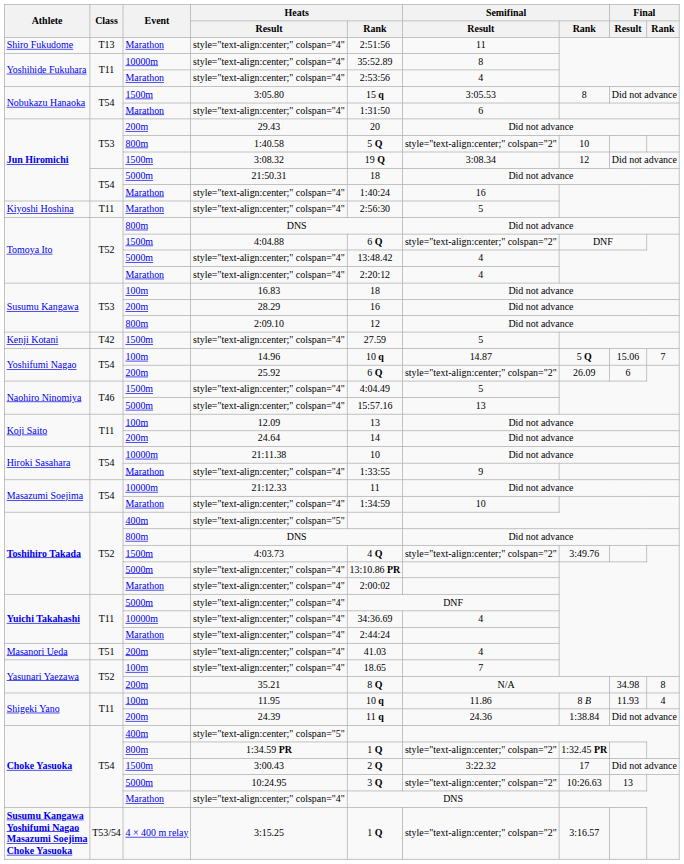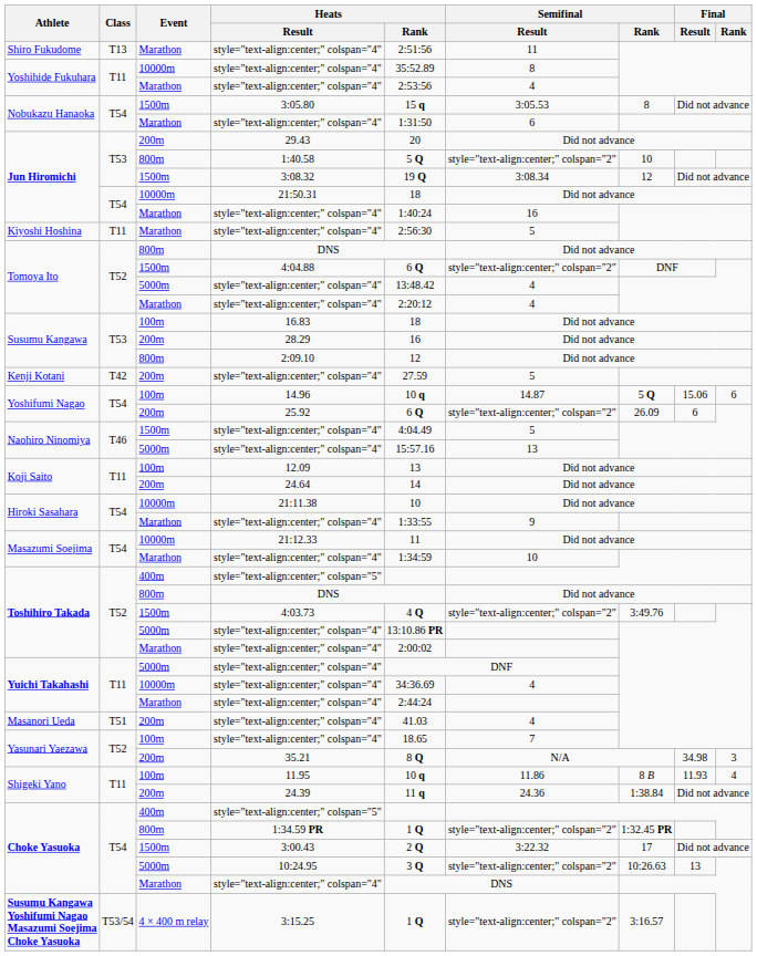 <table class=wikitable style="font-size:90%">
 <tr>
 <th rowspan="2">Athlete</th>
 <th rowspan="2">Class</th>
 <th rowspan="2">Event</th>
 <th colspan="2">Heats</th>
 <th colspan="2">Semifinal</th>
 <th colspan="3">Final</th>
 </tr>
 <tr>
 <th>Result</th>
 <th>Rank</th>
 <th>Result</th>
 <th>Rank</th>
 <th>Result</th>
 <th>Rank</th>
 </tr>
 <tr>
 <td><a href='#'>Shiro Fukudome</a></td>
 <td style="text-align:center;">T13</td>
 <td><a href='#'>Marathon</a></td>
 <td>style="text-align:center;" colspan="4" </td>
 <td style="text-align:center;">2:51:56</td>
 <td style="text-align:center;">11</td>
 </tr>
 <tr>
 <td rowspan="2"><a href='#'>Yoshihide Fukuhara</a></td>
 <td rowspan="2" style="text-align:center;">T11</td>
 <td><a href='#'>10000m</a></td>
 <td>style="text-align:center;" colspan="4" </td>
 <td style="text-align:center;">35:52.89</td>
 <td style="text-align:center;">8</td>
 </tr>
 <tr>
 <td><a href='#'>Marathon</a></td>
 <td>style="text-align:center;" colspan="4" </td>
 <td style="text-align:center;">2:53:56</td>
 <td style="text-align:center;">4</td>
 </tr>
 <tr>
 <td rowspan="2"><a href='#'>Nobukazu Hanaoka</a></td>
 <td rowspan="2" style="text-align:center;">T54</td>
 <td><a href='#'>1500m</a></td>
 <td style="text-align:center;">3:05.80</td>
 <td style="text-align:center;">15 <strong>q</strong></td>
 <td style="text-align:center;">3:05.53</td>
 <td style="text-align:center;">8</td>
 <td style="text-align:center;" colspan="2">Did not advance</td>
 </tr>
 <tr>
 <td><a href='#'>Marathon</a></td>
 <td>style="text-align:center;" colspan="4" </td>
 <td style="text-align:center;">1:31:50</td>
 <td style="text-align:center;">6</td>
 </tr>
 <tr>
 <td rowspan="5"><strong><a href='#'>Jun Hiromichi</a></strong></td>
 <td rowspan="3" style="text-align:center;">T53</td>
 <td><a href='#'>200m</a></td>
 <td style="text-align:center;">29.43</td>
 <td style="text-align:center;">20</td>
 <td style="text-align:center;" colspan="4">Did not advance</td>
 </tr>
 <tr>
 <td><a href='#'>800m</a></td>
 <td style="text-align:center;">1:40.58</td>
 <td style="text-align:center;">5 <strong>Q</strong></td>
 <td>style="text-align:center;" colspan="2" </td>
 <td style="text-align:center;">10</td>
 <td style="text-align:center;"></td>
 </tr>
 <tr>
 <td><a href='#'>1500m</a></td>
 <td style="text-align:center;">3:08.32</td>
 <td style="text-align:center;">19 <strong>Q</strong></td>
 <td style="text-align:center;">3:08.34</td>
 <td style="text-align:center;">12</td>
 <td style="text-align:center;" colspan="2">Did not advance</td>
 </tr>
 <tr>
 <td rowspan="2" style="text-align:center;">T54</td>
-<td><a href='#'>5000m</a></td>
+<td><a href='#'>10000m</a></td>
 <td style="text-align:center;">21:50.31</td>
 <td style="text-align:center;">18</td>
 <td style="text-align:center;" colspan="4">Did not advance</td>
 </tr>
 <tr>
 <td><a href='#'>Marathon</a></td>
 <td>style="text-align:center;" colspan="4" </td>
 <td style="text-align:center;">1:40:24</td>
 <td style="text-align:center;">16</td>
 </tr>
 <tr>
 <td><a href='#'>Kiyoshi Hoshina</a></td>
 <td style="text-align:center;">T11</td>
 <td><a href='#'>Marathon</a></td>
 <td>style="text-align:center;" colspan="4" </td>
 <td style="text-align:center;">2:56:30</td>
 <td style="text-align:center;">5</td>
 </tr>
 <tr>
 <td rowspan="4"><a href='#'>Tomoya Ito</a></td>
 <td rowspan="4" style="text-align:center;">T52</td>
 <td><a href='#'>800m</a></td>
 <td style="text-align:center;" colspan="2">DNS</td>
 <td style="text-align:center;" colspan="4">Did not advance</td>
 </tr>
 <tr>
 <td><a href='#'>1500m</a></td>
 <td style="text-align:center;">4:04.88</td>
 <td style="text-align:center;">6 <strong>Q</strong></td>
 <td>style="text-align:center;" colspan="2" </td>
 <td style="text-align:center;" colspan="2">DNF</td>
 </tr>
 <tr>
 <td><a href='#'>5000m</a></td>
 <td>style="text-align:center;" colspan="4" </td>
 <td style="text-align:center;">13:48.42</td>
 <td style="text-align:center;">4</td>
 </tr>
 <tr>
 <td><a href='#'>Marathon</a></td>
 <td>style="text-align:center;" colspan="4" </td>
 <td style="text-align:center;">2:20:12</td>
 <td style="text-align:center;">4</td>
 </tr>
 <tr>
 <td rowspan="3"><a href='#'>Susumu Kangawa</a></td>
 <td rowspan="3" style="text-align:center;">T53</td>
 <td><a href='#'>100m</a></td>
 <td style="text-align:center;">16.83</td>
 <td style="text-align:center;">18</td>
 <td style="text-align:center;" colspan="4">Did not advance</td>
 </tr>
 <tr>
 <td><a href='#'>200m</a></td>
 <td style="text-align:center;">28.29</td>
 <td style="text-align:center;">16</td>
 <td style="text-align:center;" colspan="4">Did not advance</td>
 </tr>
 <tr>
 <td><a href='#'>800m</a></td>
 <td style="text-align:center;">2:09.10</td>
 <td style="text-align:center;">12</td>
 <td style="text-align:center;" colspan="4">Did not advance</td>
 </tr>
 <tr>
 <td><a href='#'>Kenji Kotani</a></td>
 <td style="text-align:center;">T42</td>
-<td><a href='#'>1500m</a></td>
+<td><a href='#'>200m</a></td>
 <td>style="text-align:center;" colspan="4" </td>
 <td style="text-align:center;">27.59</td>
 <td style="text-align:center;">5</td>
 </tr>
 <tr>
 <td rowspan="2"><a href='#'>Yoshifumi Nagao</a></td>
 <td rowspan="2" style="text-align:center;">T54</td>
 <td><a href='#'>100m</a></td>
 <td style="text-align:center;">14.96</td>
 <td style="text-align:center;">10 <strong>q</strong></td>
 <td style="text-align:center;">14.87</td>
 <td style="text-align:center;">5 <strong>Q</strong></td>
 <td style="text-align:center;">15.06</td>
-<td style="text-align:center;">7</td>
+<td style="text-align:center;">6</td>
 </tr>
 <tr>
 <td><a href='#'>200m</a></td>
 <td style="text-align:center;">25.92</td>
 <td style="text-align:center;">6 <strong>Q</strong></td>
 <td>style="text-align:center;" colspan="2" </td>
 <td style="text-align:center;">26.09</td>
 <td style="text-align:center;">6</td>
 </tr>
 <tr>
 <td rowspan="2"><a href='#'>Naohiro Ninomiya</a></td>
 <td rowspan="2" style="text-align:center;">T46</td>
 <td><a href='#'>1500m</a></td>
 <td>style="text-align:center;" colspan="4" </td>
 <td style="text-align:center;">4:04.49</td>
 <td style="text-align:center;">5</td>
 </tr>
 <tr>
 <td><a href='#'>5000m</a></td>
 <td>style="text-align:center;" colspan="4" </td>
 <td style="text-align:center;">15:57.16</td>
 <td style="text-align:center;">13</td>
 </tr>
 <tr>
 <td rowspan="2"><a href='#'>Koji Saito</a></td>
 <td rowspan="2" style="text-align:center;">T11</td>
 <td><a href='#'>100m</a></td>
 <td style="text-align:center;">12.09</td>
 <td style="text-align:center;">13</td>
 <td style="text-align:center;" colspan="4">Did not advance</td>
 </tr>
 <tr>
 <td><a href='#'>200m</a></td>
 <td style="text-align:center;">24.64</td>
 <td style="text-align:center;">14</td>
 <td style="text-align:center;" colspan="4">Did not advance</td>
 </tr>
 <tr>
 <td rowspan="2"><a href='#'>Hiroki Sasahara</a></td>
 <td rowspan="2" style="text-align:center;">T54</td>
 <td><a href='#'>10000m</a></td>
 <td style="text-align:center;">21:11.38</td>
 <td style="text-align:center;">10</td>
 <td style="text-align:center;" colspan="4">Did not advance</td>
 </tr>
 <tr>
 <td><a href='#'>Marathon</a></td>
 <td>style="text-align:center;" colspan="4" </td>
 <td style="text-align:center;">1:33:55</td>
 <td style="text-align:center;">9</td>
 </tr>
 <tr>
 <td rowspan="2"><a href='#'>Masazumi Soejima</a></td>
 <td rowspan="2" style="text-align:center;">T54</td>
 <td><a href='#'>10000m</a></td>
 <td style="text-align:center;">21:12.33</td>
 <td style="text-align:center;">11</td>
 <td style="text-align:center;" colspan="4">Did not advance</td>
 </tr>
 <tr>
 <td><a href='#'>Marathon</a></td>
 <td>style="text-align:center;" colspan="4" </td>
 <td style="text-align:center;">1:34:59</td>
 <td style="text-align:center;">10</td>
 </tr>
 <tr>
 <td rowspan="5"><strong><a href='#'>Toshihiro Takada</a></strong></td>
 <td rowspan="5" style="text-align:center;">T52</td>
 <td><a href='#'>400m</a></td>
 <td>style="text-align:center;" colspan="5" </td>
 <td style="text-align:center;"></td>
 </tr>
 <tr>
 <td><a href='#'>800m</a></td>
 <td style="text-align:center;" colspan="2">DNS</td>
 <td style="text-align:center;" colspan="4">Did not advance</td>
 </tr>
 <tr>
 <td><a href='#'>1500m</a></td>
 <td style="text-align:center;">4:03.73</td>
 <td style="text-align:center;">4 <strong>Q</strong></td>
 <td>style="text-align:center;" colspan="2" </td>
 <td style="text-align:center;">3:49.76</td>
 <td style="text-align:center;"></td>
 </tr>
 <tr>
 <td><a href='#'>5000m</a></td>
 <td>style="text-align:center;" colspan="4" </td>
 <td style="text-align:center;">13:10.86 <strong>PR</strong></td>
 <td style="text-align:center;"></td>
 </tr>
 <tr>
 <td><a href='#'>Marathon</a></td>
 <td>style="text-align:center;" colspan="4" </td>
 <td style="text-align:center;">2:00:02</td>
 <td style="text-align:center;"></td>
 </tr>
 <tr>
 <td rowspan="3"><strong><a href='#'>Yuichi Takahashi</a></strong></td>
 <td rowspan="3" style="text-align:center;">T11</td>
 <td><a href='#'>5000m</a></td>
 <td>style="text-align:center;" colspan="4" </td>
 <td style="text-align:center;" colspan="2">DNF</td>
 </tr>
 <tr>
 <td><a href='#'>10000m</a></td>
 <td>style="text-align:center;" colspan="4" </td>
 <td style="text-align:center;">34:36.69</td>
 <td style="text-align:center;">4</td>
 </tr>
 <tr>
 <td><a href='#'>Marathon</a></td>
 <td>style="text-align:center;" colspan="4" </td>
 <td style="text-align:center;">2:44:24</td>
 <td style="text-align:center;"></td>
 </tr>
 <tr>
 <td><a href='#'>Masanori Ueda</a></td>
 <td style="text-align:center;">T51</td>
 <td><a href='#'>200m</a></td>
 <td>style="text-align:center;" colspan="4" </td>
 <td style="text-align:center;">41.03</td>
 <td style="text-align:center;">4</td>
 </tr>
 <tr>
 <td rowspan="2"><a href='#'>Yasunari Yaezawa</a></td>
 <td rowspan="2" style="text-align:center;">T52</td>
 <td><a href='#'>100m</a></td>
 <td>style="text-align:center;" colspan="4" </td>
 <td style="text-align:center;">18.65</td>
 <td style="text-align:center;">7</td>
 </tr>
 <tr>
 <td><a href='#'>200m</a></td>
 <td style="text-align:center;">35.21</td>
 <td style="text-align:center;">8 <strong>Q</strong></td>
 <td style="text-align:center;" colspan="2">N/A</td>
 <td style="text-align:center;">34.98</td>
-<td style="text-align:center;">8</td>
+<td style="text-align:center;">3</td>
 </tr>
 <tr>
 <td rowspan="2"><a href='#'>Shigeki Yano</a></td>
 <td rowspan="2" style="text-align:center;">T11</td>
 <td><a href='#'>100m</a></td>
 <td style="text-align:center;">11.95</td>
 <td style="text-align:center;">10 <strong>q</strong></td>
 <td style="text-align:center;">11.86</td>
 <td style="text-align:center;">8 <em>B</em></td>
 <td style="text-align:center;">11.93</td>
 <td style="text-align:center;">4</td>
 </tr>
 <tr>
 <td><a href='#'>200m</a></td>
 <td style="text-align:center;">24.39</td>
 <td style="text-align:center;">11 <strong>q</strong></td>
 <td style="text-align:center;">24.36</td>
 <td style="text-align:center;">1:38.84</td>
 <td style="text-align:center;" colspan="2">Did not advance</td>
 </tr>
 <tr>
 <td rowspan="5"><strong><a href='#'>Choke Yasuoka</a></strong></td>
 <td rowspan="5" style="text-align:center;">T54</td>
 <td><a href='#'>400m</a></td>
 <td>style="text-align:center;" colspan="5" </td>
 <td style="text-align:center;"></td>
 </tr>
 <tr>
 <td><a href='#'>800m</a></td>
 <td style="text-align:center;">1:34.59 <strong>PR</strong></td>
 <td style="text-align:center;">1 <strong>Q</strong></td>
 <td>style="text-align:center;" colspan="2" </td>
 <td style="text-align:center;">1:32.45 <strong>PR</strong></td>
 <td style="text-align:center;"></td>
 </tr>
 <tr>
 <td><a href='#'>1500m</a></td>
 <td style="text-align:center;">3:00.43</td>
 <td style="text-align:center;">2 <strong>Q</strong></td>
 <td style="text-align:center;">3:22.32</td>
 <td style="text-align:center;">17</td>
 <td style="text-align:center;" colspan="2">Did not advance</td>
 </tr>
 <tr>
 <td><a href='#'>5000m</a></td>
 <td style="text-align:center;">10:24.95</td>
 <td style="text-align:center;">3 <strong>Q</strong></td>
 <td>style="text-align:center;" colspan="2" </td>
 <td style="text-align:center;">10:26.63</td>
 <td style="text-align:center;">13</td>
 </tr>
 <tr>
 <td><a href='#'>Marathon</a></td>
 <td>style="text-align:center;" colspan="4" </td>
 <td style="text-align:center;" colspan="2">DNS</td>
 </tr>
 <tr>
 <td><strong><a href='#'>Susumu Kangawa</a></strong><br> <strong><a href='#'>Yoshifumi Nagao</a></strong><br> <strong><a href='#'>Masazumi Soejima</a></strong><br> <strong><a href='#'>Choke Yasuoka</a></strong></td>
 <td style="text-align:center;">T53/54</td>
 <td><a href='#'>4 × 400 m relay</a></td>
 <td style="text-align:center;">3:15.25</td>
 <td style="text-align:center;">1 <strong>Q</strong></td>
 <td>style="text-align:center;" colspan="2" </td>
 <td style="text-align:center;">3:16.57</td>
 <td style="text-align:center;"></td>
 </tr>
 </table>
